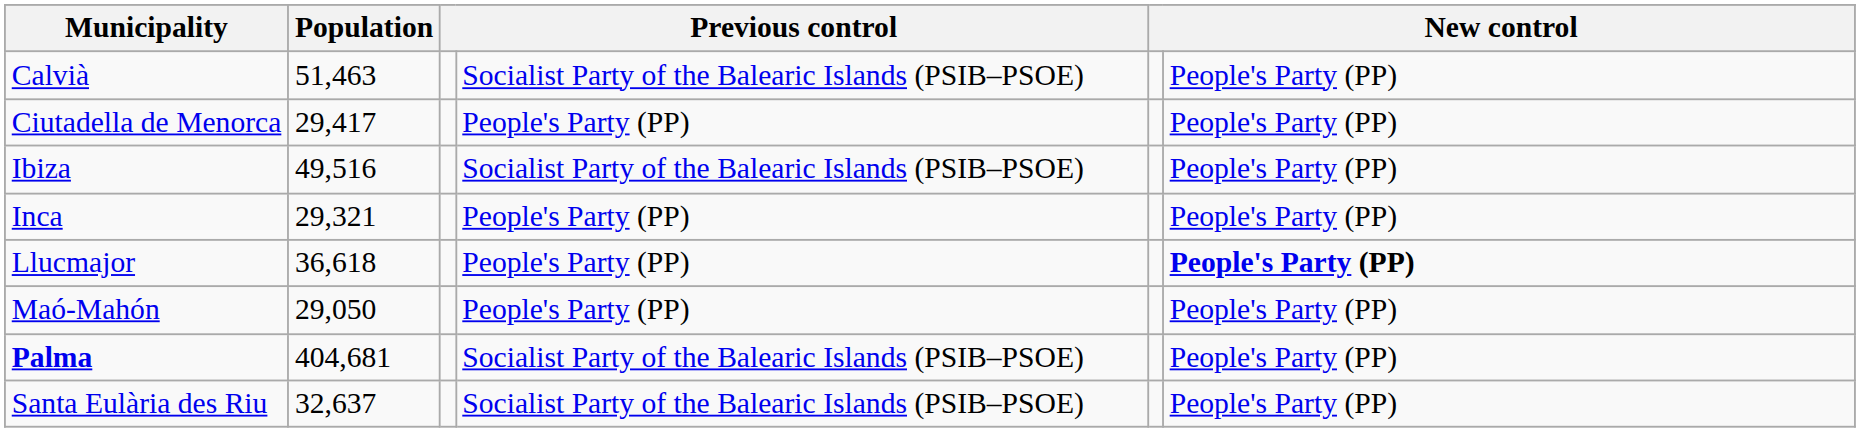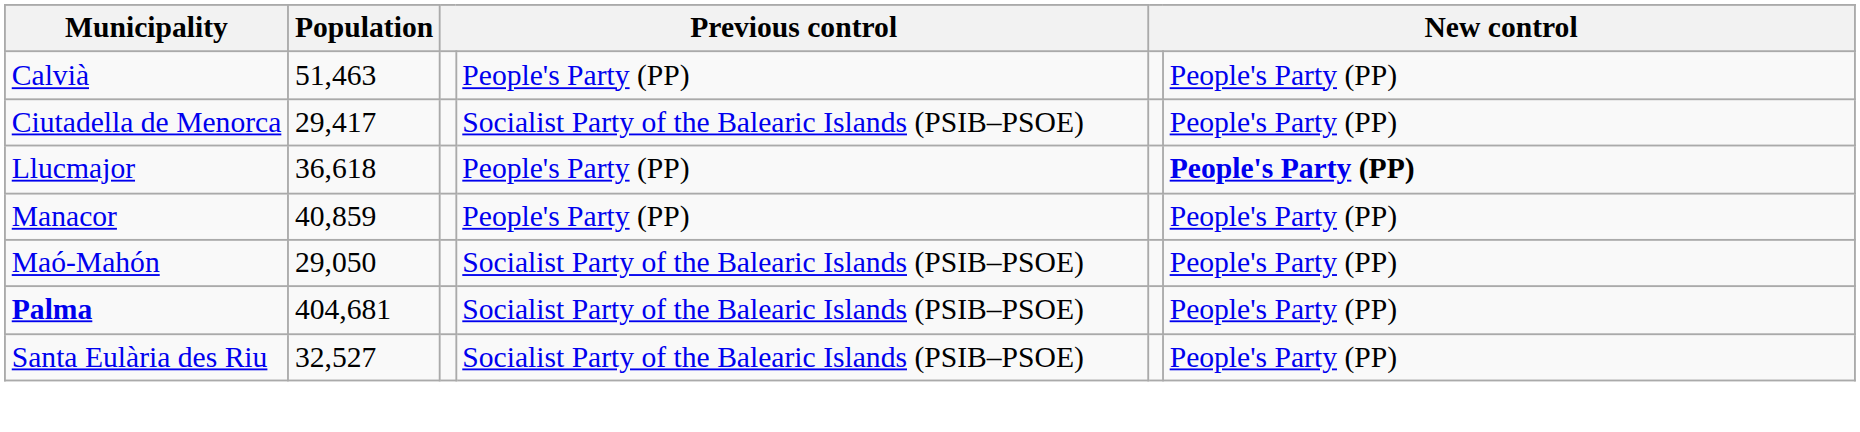 <table class="wikitable sortable">
 <tr>
 <th>Municipality</th>
 <th>Population</th>
 <th colspan="2" style="width:375px;">Previous control</th>
 <th colspan="2" style="width:375px;">New control</th>
 </tr>
 <tr>
 <td><a href='#'>Calvià</a></td>
 <td>51,463</td>
 <td style="color:inherit;background:"></td>
-<td><a href='#'>Socialist Party of the Balearic Islands</a> (PSIB–PSOE)</td>
+<td><a href='#'>People's Party</a> (PP)</td>
 <td style="color:inherit;background:"></td>
 <td><a href='#'>People's Party</a> (PP)</td>
 </tr>
 <tr>
 <td><a href='#'>Ciutadella de Menorca</a></td>
 <td>29,417</td>
 <td width="1" style="color:inherit;background:"></td>
-<td><a href='#'>People's Party</a> (PP)</td>
+<td><a href='#'>Socialist Party of the Balearic Islands</a> (PSIB–PSOE)</td>
 <td width="1" style="color:inherit;background:"></td>
-<td><a href='#'>People's Party</a> (PP)</td>
-</tr>
-<tr>
-<td><a href='#'>Ibiza</a></td>
-<td>49,516</td>
-<td style="color:inherit;background:"></td>
-<td><a href='#'>Socialist Party of the Balearic Islands</a> (PSIB–PSOE)</td>
-<td style="color:inherit;background:"></td>
-<td><a href='#'>People's Party</a> (PP)</td>
-</tr>
-<tr>
-<td><a href='#'>Inca</a></td>
-<td>29,321</td>
-<td style="color:inherit;background:"></td>
-<td><a href='#'>People's Party</a> (PP)</td>
-<td style="color:inherit;background:"></td>
 <td><a href='#'>People's Party</a> (PP)</td>
 </tr>
 <tr>
 <td><a href='#'>Llucmajor</a></td>
 <td>36,618</td>
 <td style="color:inherit;background:"></td>
 <td><a href='#'>People's Party</a> (PP)</td>
 <td style="color:inherit;background:"></td>
 <td><strong><a href='#'>People's Party</a> (PP)</strong></td>
 </tr>
 <tr>
+<td><a href='#'>Manacor</a></td>
+<td>40,859</td>
+<td style="color:inherit;background:"></td>
+<td><a href='#'>People's Party</a> (PP)</td>
+<td style="color:inherit;background:"></td>
+<td><a href='#'>People's Party</a> (PP) </td>
+</tr>
+<tr>
 <td><a href='#'>Maó-Mahón</a></td>
 <td>29,050</td>
 <td style="color:inherit;background:"></td>
-<td><a href='#'>People's Party</a> (PP)</td>
+<td><a href='#'>Socialist Party of the Balearic Islands</a> (PSIB–PSOE)</td>
 <td style="color:inherit;background:"></td>
 <td><a href='#'>People's Party</a> (PP)</td>
 </tr>
 <tr>
 <td><strong><a href='#'>Palma</a></strong></td>
 <td>404,681</td>
 <td style="color:inherit;background:"></td>
 <td><a href='#'>Socialist Party of the Balearic Islands</a> (PSIB–PSOE)</td>
 <td style="color:inherit;background:"></td>
 <td><a href='#'>People's Party</a> (PP)</td>
 </tr>
 <tr>
 <td><a href='#'>Santa Eulària des Riu</a></td>
-<td>32,637</td>
+<td>32,527</td>
 <td style="color:inherit;background:"></td>
 <td><a href='#'>Socialist Party of the Balearic Islands</a> (PSIB–PSOE)</td>
 <td style="color:inherit;background:"></td>
 <td><a href='#'>People's Party</a> (PP)</td>
 </tr>
 </table>
